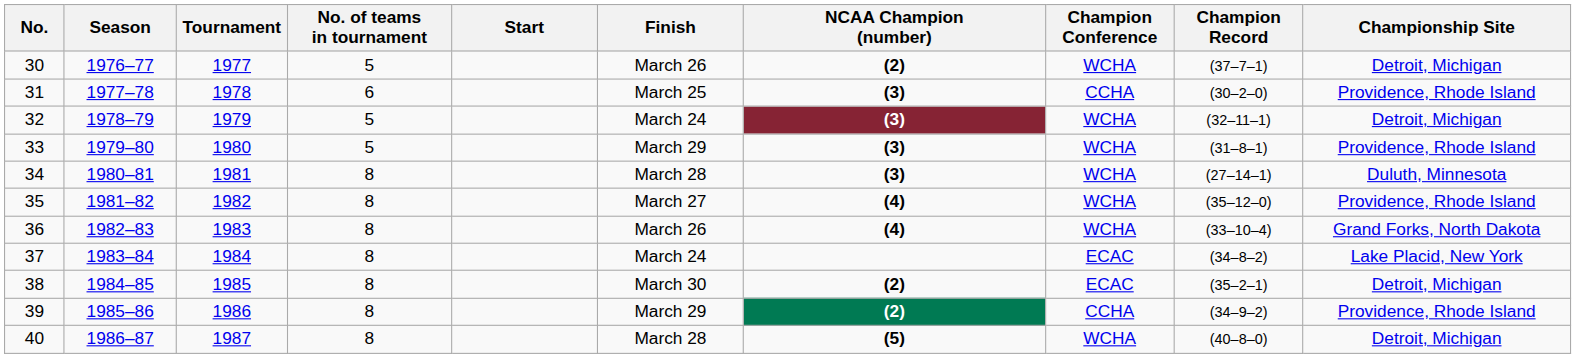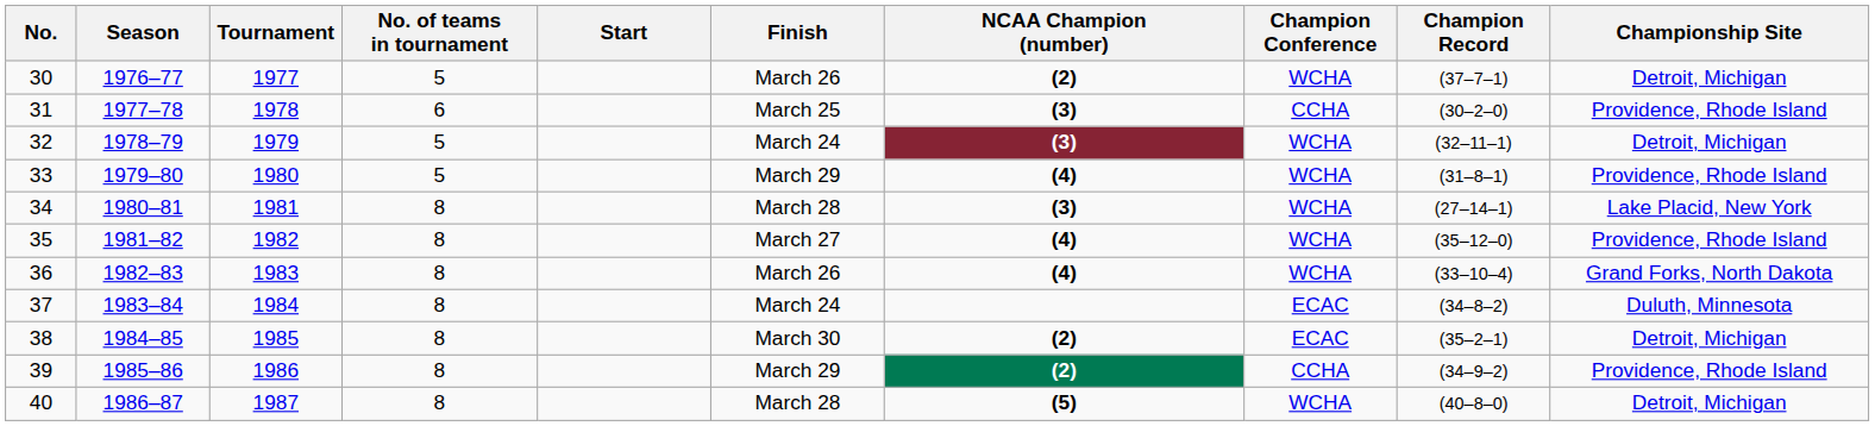 <table class="wikitable">
 <tr>
 <th style="width:3em">No.</th>
 <th style="width:6em">Season</th>
 <th style="width:6em">Tournament</th>
 <th style="width:9em">No. of teams<br>in tournament</th>
 <th style="width:8em">Start</th>
 <th style="width:8em">Finish</th>
 <th style="width:17em">NCAA Champion<br>(number)</th>
 <th style="width:7em">Champion<br>Conference</th>
 <th style="width:7em">Champion<br>Record</th>
 <th style="width:15em">Championship Site</th>
 </tr>
 <tr style="text-align:center;">
 <td>30</td>
 <td><a href='#'>1976–77</a></td>
 <td><a href='#'>1977</a></td>
 <td>5</td>
 <td></td>
 <td>March 26</td>
 <td><strong><a href='#'></a> (2)</strong></td>
 <td><a href='#'>WCHA</a></td>
 <td><small>(37–7–1)</small></td>
 <td><a href='#'>Detroit, Michigan</a></td>
 </tr>
 <tr style="text-align:center;">
 <td>31</td>
 <td><a href='#'>1977–78</a></td>
 <td><a href='#'>1978</a></td>
 <td>6</td>
 <td></td>
 <td>March 25</td>
 <td><strong><a href='#'></a> (3)</strong></td>
 <td><a href='#'>CCHA</a></td>
 <td><small>(30–2–0)</small></td>
 <td><a href='#'>Providence, Rhode Island</a></td>
 </tr>
 <tr style="text-align:center;">
 <td>32</td>
 <td><a href='#'>1978–79</a></td>
 <td><a href='#'>1979</a></td>
 <td>5</td>
 <td></td>
 <td>March 24</td>
 <td style="color:white; background:#862334; "><strong><a href='#'></a> (3)</strong></td>
 <td><a href='#'>WCHA</a></td>
 <td><small>(32–11–1)</small></td>
 <td><a href='#'>Detroit, Michigan</a></td>
 </tr>
 <tr style="text-align:center;">
 <td>33</td>
 <td><a href='#'>1979–80</a></td>
 <td><a href='#'>1980</a></td>
 <td>5</td>
 <td></td>
 <td>March 29</td>
-<td><strong><a href='#'></a> (3)</strong></td>
+<td><strong><a href='#'></a> (4)</strong></td>
 <td><a href='#'>WCHA</a></td>
 <td><small>(31–8–1)</small></td>
 <td><a href='#'>Providence, Rhode Island</a></td>
 </tr>
 <tr style="text-align:center;">
 <td>34</td>
 <td><a href='#'>1980–81</a></td>
 <td><a href='#'>1981</a></td>
 <td>8</td>
 <td></td>
 <td>March 28</td>
 <td><strong><a href='#'></a> (3)</strong></td>
 <td><a href='#'>WCHA</a></td>
 <td><small>(27–14–1)</small></td>
-<td><a href='#'>Duluth, Minnesota</a></td>
+<td><a href='#'>Lake Placid, New York</a></td>
 </tr>
 <tr style="text-align:center;">
 <td>35</td>
 <td><a href='#'>1981–82</a></td>
 <td><a href='#'>1982</a></td>
 <td>8</td>
 <td></td>
 <td>March 27</td>
 <td><strong><a href='#'></a> (4)</strong></td>
 <td><a href='#'>WCHA</a></td>
 <td><small>(35–12–0)</small></td>
 <td><a href='#'>Providence, Rhode Island</a></td>
 </tr>
 <tr style="text-align:center;">
 <td>36</td>
 <td><a href='#'>1982–83</a></td>
 <td><a href='#'>1983</a></td>
 <td>8</td>
 <td></td>
 <td>March 26</td>
 <td><strong><a href='#'></a> (4)</strong></td>
 <td><a href='#'>WCHA</a></td>
 <td><small>(33–10–4)</small></td>
 <td><a href='#'>Grand Forks, North Dakota</a></td>
 </tr>
 <tr style="text-align:center;">
 <td>37</td>
 <td><a href='#'>1983–84</a></td>
 <td><a href='#'>1984</a></td>
 <td>8</td>
 <td></td>
 <td>March 24</td>
 <td><strong><a href='#'></a></strong></td>
 <td><a href='#'>ECAC</a></td>
 <td><small>(34–8–2)</small></td>
-<td><a href='#'>Lake Placid, New York</a></td>
+<td><a href='#'>Duluth, Minnesota</a></td>
 </tr>
 <tr style="text-align:center;">
 <td>38</td>
 <td><a href='#'>1984–85</a></td>
 <td><a href='#'>1985</a></td>
 <td>8</td>
 <td></td>
 <td>March 30</td>
 <td><strong><a href='#'></a> (2)</strong></td>
 <td><a href='#'>ECAC</a></td>
 <td><small>(35–2–1)</small></td>
 <td><a href='#'>Detroit, Michigan</a></td>
 </tr>
 <tr style="text-align:center;">
 <td>39</td>
 <td><a href='#'>1985–86</a></td>
 <td><a href='#'>1986</a></td>
 <td>8</td>
 <td></td>
 <td>March 29</td>
 <td style="color:white; background:#007A53"><strong><a href='#'></a> (2)</strong></td>
 <td><a href='#'>CCHA</a></td>
 <td><small>(34–9–2)</small></td>
 <td><a href='#'>Providence, Rhode Island</a></td>
 </tr>
 <tr style="text-align:center;">
 <td>40</td>
 <td><a href='#'>1986–87</a></td>
 <td><a href='#'>1987</a></td>
 <td>8</td>
 <td></td>
 <td>March 28</td>
 <td><strong><a href='#'></a> (5)</strong></td>
 <td><a href='#'>WCHA</a></td>
 <td><small>(40–8–0)</small></td>
 <td><a href='#'>Detroit, Michigan</a></td>
 </tr>
 </table>
